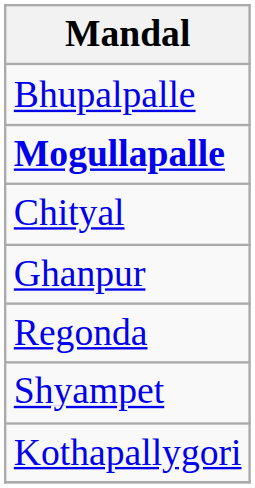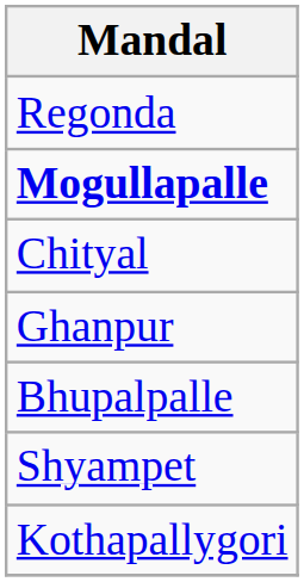 <table class="wikitable sortable static-row-numbers static-row-header-hash">
 <tr>
 <th>Mandal</th>
 </tr>
 <tr>
-<td><a href='#'>Bhupalpalle</a></td>
+<td><a href='#'>Regonda</a></td>
 </tr>
 <tr>
 <td><strong><a href='#'>Mogullapalle</a></strong></td>
 </tr>
 <tr>
 <td><a href='#'>Chityal</a></td>
 </tr>
 <tr>
 <td><a href='#'>Ghanpur</a></td>
 </tr>
 <tr>
-<td><a href='#'>Regonda</a></td>
+<td><a href='#'>Bhupalpalle</a></td>
 </tr>
 <tr>
 <td><a href='#'>Shyampet</a></td>
 </tr>
 <tr>
 <td><a href='#'>Kothapallygori</a></td>
 </tr>
 <tr>
 </tr>
 </table>
